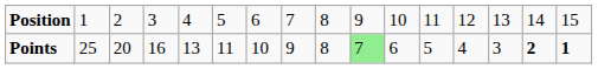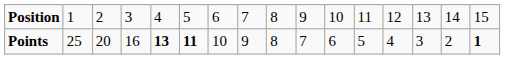 <table class="wikitable" style="font-size: 85%;">
 <tr>
 <td><strong>Position</strong></td>
 <td width=20>1</td>
 <td width=20>2</td>
 <td width=20>3</td>
 <td width=20>4</td>
 <td width=20>5</td>
 <td width=20>6</td>
 <td width=20>7</td>
 <td width=20>8</td>
 <td width=20>9</td>
 <td width=20>10</td>
 <td width=20>11</td>
 <td width=20>12</td>
 <td width=20>13</td>
 <td width=20>14</td>
 <td width=20>15</td>
 </tr>
 <tr>
 <td><strong>Points</strong></td>
 <td>25</td>
 <td>20</td>
 <td>16</td>
-<td>13</td>
-<td>11</td>
+<td><strong>13</strong></td>
+<td><strong>11</strong></td>
 <td>10</td>
 <td>9</td>
 <td>8</td>
-<td style="background: lightgreen;">7</td>
+<td>7</td>
 <td>6</td>
 <td>5</td>
 <td>4</td>
 <td>3</td>
-<td><strong>2</strong></td>
+<td>2</td>
 <td><strong>1</strong></td>
 </tr>
 </table>
